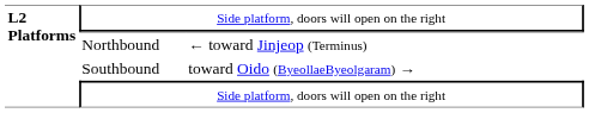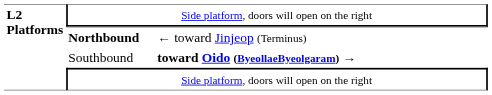 <table table border=0 cellspacing=0 cellpadding=3>
 <tr>
 <td style="border-top:solid 1px gray;border-bottom:solid 1px gray;" width=50 rowspan=10 valign=top><strong>L2<br>Platforms</strong></td>
 <td style="border-top:solid 1px gray;border-right:solid 2px black;border-left:solid 2px black;border-bottom:solid 2px black;text-align:center;" colspan=2><small><a href='#'>Side platform</a>, doors will open on the right</small></td>
 </tr>
 <tr>
-<td style="border-bottom:solid 0px gray;border-top:solid 1px gray;" width=100>Northbound</td>
+<td style="border-bottom:solid 0px gray;border-top:solid 1px gray;" width=100><strong>Northbound</strong></td>
 <td style="border-bottom:solid 0px gray;border-top:solid 1px gray;" width=390>←  toward <a href='#'>Jinjeop</a> <small>(Terminus)</small></td>
 </tr>
 <tr>
 <td>Southbound</td>
-<td>  toward <a href='#'>Oido</a> <small>(<a href='#'>ByeollaeByeolgaram</a>)</small> →</td>
+<td><strong>  toward <a href='#'>Oido</a> <small>(<a href='#'>ByeollaeByeolgaram</a>)</small> →</strong></td>
 </tr>
 <tr>
 <td style="border-top:solid 2px black;border-right:solid 2px black;border-left:solid 2px black;border-bottom:solid 1px gray;text-align:center;" colspan=2><small><a href='#'>Side platform</a>, doors will open on the right</small></td>
 </tr>
 </table>
